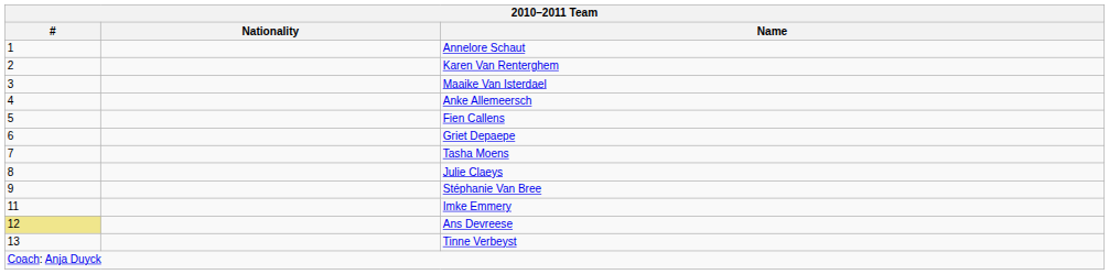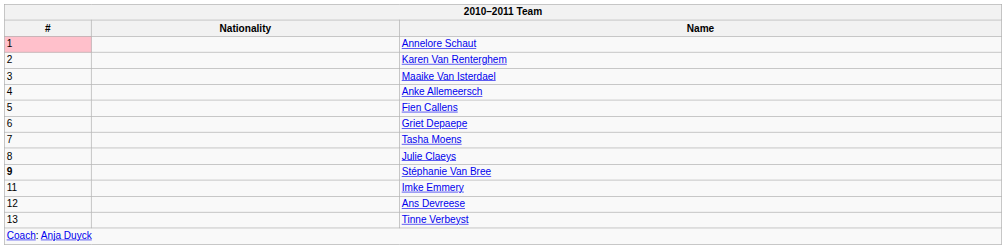 <table class="wikitable collapsible collapsed" style="width:100%;">
 <tr>
 <th colspan=3><strong>2010–2011 Team</strong></th>
 </tr>
 <tr>
 <th>#</th>
 <th>Nationality</th>
 <th>Name</th>
 </tr>
 <tr>
-<td>1</td>
+<td style="background: pink;">1</td>
 <td></td>
 <td><a href='#'>Annelore Schaut</a></td>
 </tr>
 <tr>
 <td>2</td>
 <td></td>
 <td><a href='#'>Karen Van Renterghem</a></td>
 </tr>
 <tr>
 <td>3</td>
 <td></td>
 <td><a href='#'>Maaike Van Isterdael</a></td>
 </tr>
 <tr>
 <td>4</td>
 <td></td>
 <td><a href='#'>Anke Allemeersch</a></td>
 </tr>
 <tr>
 <td>5</td>
 <td></td>
 <td><a href='#'>Fien Callens</a></td>
 </tr>
 <tr>
 <td>6</td>
 <td></td>
 <td><a href='#'>Griet Depaepe</a></td>
 </tr>
 <tr>
 <td>7</td>
 <td></td>
 <td><a href='#'>Tasha Moens</a></td>
 </tr>
 <tr>
 <td>8</td>
 <td></td>
 <td><a href='#'>Julie Claeys</a></td>
 </tr>
 <tr>
-<td>9</td>
+<td><strong>9</strong></td>
 <td></td>
 <td><a href='#'>Stéphanie Van Bree</a></td>
 </tr>
 <tr>
 <td>11</td>
 <td></td>
 <td><a href='#'>Imke Emmery</a></td>
 </tr>
 <tr>
-<td style="background: khaki;">12</td>
+<td>12</td>
 <td></td>
 <td><a href='#'>Ans Devreese</a></td>
 </tr>
 <tr>
 <td>13</td>
 <td></td>
 <td><a href='#'>Tinne Verbeyst</a></td>
 </tr>
 <tr>
 <td colspan=3><a href='#'>Coach</a>:  <a href='#'>Anja Duyck</a></td>
 </tr>
 </table>
